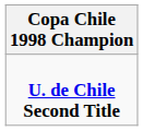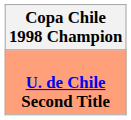 <table class="wikitable" style="text-align: center; margin: 0 auto;">
 <tr>
 <th>Copa Chile<br>1998 Champion</th>
 </tr>
 <tr>
-<td><br><strong><a href='#'>U. de Chile</a></strong><br><strong>Second Title</strong></td>
+<td style="background: lightsalmon;"><br><strong><a href='#'>U. de Chile</a></strong><br><strong>Second Title</strong></td>
 </tr>
 </table>
